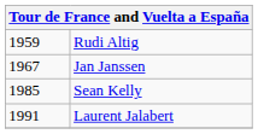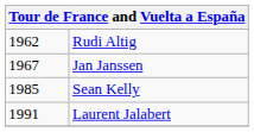 <table class="wikitable">
 <tr>
 <th colspan=2><a href='#'>Tour de France</a> and <a href='#'>Vuelta a España</a></th>
 </tr>
 <tr>
-<td>1959</td>
+<td>1962</td>
 <td> <a href='#'>Rudi Altig</a></td>
 </tr>
 <tr>
 <td>1967</td>
 <td> <a href='#'>Jan Janssen</a></td>
 </tr>
 <tr>
 <td>1985</td>
 <td> <a href='#'>Sean Kelly</a></td>
 </tr>
 <tr>
 <td>1991</td>
 <td> <a href='#'>Laurent Jalabert</a></td>
 </tr>
 <tr>
 </tr>
 </table>
